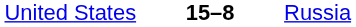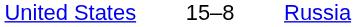 <table style="text-align:center">
 <tr>
 <th width=200></th>
 <th width=100></th>
 <th width=200></th>
 </tr>
 <tr>
 <td align=right><a href='#'>United States</a> </td>
-<td><strong>15–8</strong></td>
+<td>15–8</td>
 <td align=left> <a href='#'>Russia</a></td>
 </tr>
 </table>
